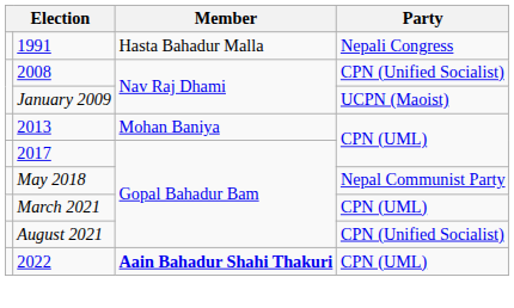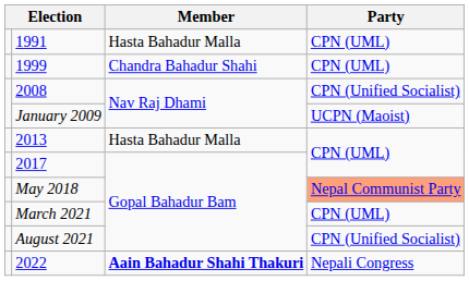 <table class="wikitable">
 <tr>
 <th colspan="2">Election</th>
 <th>Member</th>
 <th>Party</th>
 </tr>
 <tr>
 <td style="color:inherit;background:"></td>
 <td><a href='#'>1991</a></td>
 <td>Hasta Bahadur Malla</td>
-<td><a href='#'>Nepali Congress</a></td>
+<td><a href='#'>CPN (UML)</a></td>
+</tr>
+<tr>
+<td style="color:inherit;background:"></td>
+<td><a href='#'>1999</a></td>
+<td><a href='#'>Chandra Bahadur Shahi</a></td>
+<td><a href='#'>CPN (UML)</a></td>
 </tr>
 <tr>
 <td rowspan="2" style="color:inherit;background:"></td>
 <td><a href='#'>2008</a></td>
 <td rowspan="2"><a href='#'>Nav Raj Dhami</a></td>
 <td><a href='#'>CPN (Unified Socialist)</a></td>
 </tr>
 <tr>
 <td><em>January 2009</em></td>
 <td><a href='#'>UCPN (Maoist)</a></td>
 </tr>
 <tr>
 <td style="color:inherit;background:"></td>
 <td><a href='#'>2013</a></td>
-<td><a href='#'>Mohan Baniya</a></td>
+<td>Hasta Bahadur Malla</td>
 <td rowspan="2"><a href='#'>CPN (UML)</a></td>
 </tr>
 <tr>
 <td style="color:inherit;background:"></td>
 <td><a href='#'>2017</a></td>
 <td rowspan="4"><a href='#'>Gopal Bahadur Bam</a></td>
 </tr>
 <tr>
 <td style="color:inherit;background:"></td>
 <td><em>May 2018</em></td>
-<td><a href='#'>Nepal Communist Party</a></td>
+<td style="background: lightsalmon;"><a href='#'>Nepal Communist Party</a></td>
 </tr>
 <tr>
 <td style="color:inherit;background:"></td>
 <td><em>March 2021</em></td>
 <td><a href='#'>CPN (UML)</a></td>
 </tr>
 <tr>
 <td style="color:inherit;background:"></td>
 <td><em>August 2021</em></td>
 <td><a href='#'>CPN (Unified Socialist)</a></td>
 </tr>
 <tr>
 <td style="color:inherit;background:"></td>
 <td><a href='#'>2022</a></td>
 <td><strong><a href='#'>Aain Bahadur Shahi Thakuri</a></strong></td>
-<td><a href='#'>CPN (UML)</a></td>
+<td><a href='#'>Nepali Congress</a></td>
 </tr>
 </table>
